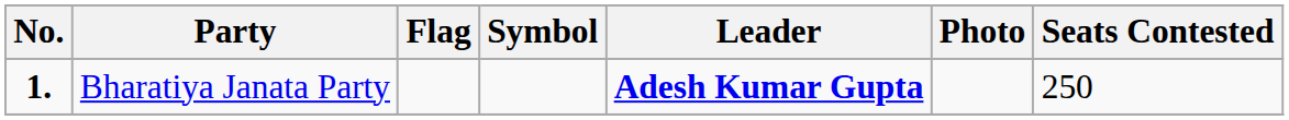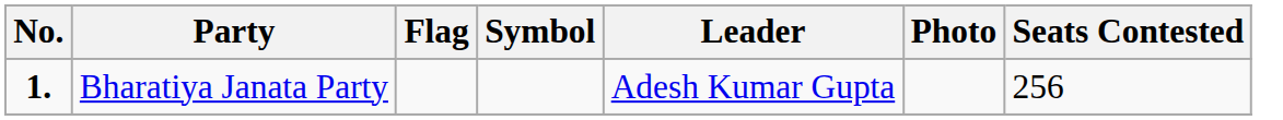 <table class="wikitable" "width="50%">
 <tr>
 <th>No.</th>
 <th>Party</th>
 <th>Flag</th>
 <th>Symbol</th>
 <th>Leader</th>
 <th>Photo</th>
 <th>Seats Contested</th>
 </tr>
 <tr>
 <td ! style="text-align:center; background:"><strong>1.</strong></td>
 <td><a href='#'>Bharatiya Janata Party</a></td>
 <td></td>
 <td></td>
-<td><strong><a href='#'>Adesh Kumar Gupta</a></strong></td>
+<td><a href='#'>Adesh Kumar Gupta</a></td>
 <td></td>
-<td>250</td>
+<td>256</td>
 </tr>
 <tr>
 </tr>
 </table>
